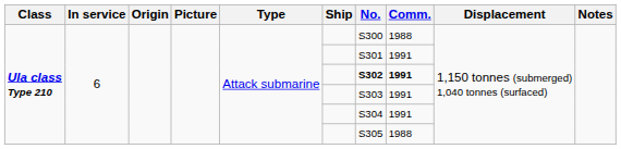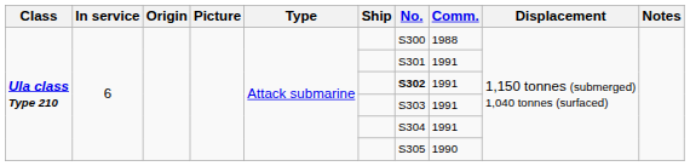 <table class="wikitable">
 <tr>
 <th>Class</th>
 <th>In service</th>
 <th>Origin</th>
 <th>Picture</th>
 <th>Type</th>
 <th>Ship</th>
 <th><a href='#'>No.</a></th>
 <th><a href='#'>Comm.</a></th>
 <th>Displacement</th>
 <th>Notes</th>
 </tr>
 <tr>
 <td rowspan="6"><a href='#'><strong><em>Ula<em> class<strong></a><br></em><small>Type 210</small><em></td>
 <td rowspan="6" style="text-align: center;"></strong>6<strong></td>
 <td rowspan="6"><br></td>
 <td rowspan="6"></td>
 <td rowspan="6"><a href='#'>Attack submarine</a></td>
 <td></em><small></small><em></td>
 <td><small>S300</small></td>
 <td><small>1988</small></td>
 <td rowspan="6">1,150 tonnes <small>(submerged)</small><br><small>1,040 tonnes (surfaced)</small></td>
 <td rowspan="6"></td>
 </tr>
 <tr>
 <td></em><small></small><em></td>
 <td><small>S301</small></td>
 <td><small>1991</small></td>
 </tr>
 <tr>
 <td></em><small></small><em></td>
 <td><strong><small>S302</small></strong></td>
-<td><strong><small>1991</small></strong></td>
+<td><small>1991</small></td>
 </tr>
 <tr>
 <td></em><small></small><em></td>
 <td><small>S303</small></td>
 <td><small>1991</small></td>
 </tr>
 <tr>
 <td></em><small></small><em></td>
 <td><small>S304</small></td>
 <td><small>1991</small></td>
 </tr>
 <tr>
 <td></em><small></small><em></td>
 <td><small>S305</small></td>
-<td><small>1988</small></td>
+<td><small>1990</small></td>
 </tr>
 </table>
